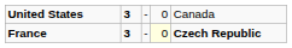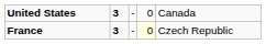 <table class="wikitable">
 <tr>
 <td width=150> <strong>United States</strong></td>
 <td style="width:20px; text-align:left;"><strong>3</strong></td>
 <td>-</td>
 <td style="width:20px; text-align:right;">0</td>
 <td width=150> Canada</td>
 </tr>
 <tr>
 <td> <strong>France</strong></td>
 <td style="text-align:left;"><strong>3</strong></td>
 <td>-</td>
 <td style="background: lightyellow; text-align:right;">0</td>
-<td><strong> Czech Republic</strong></td>
+<td> Czech Republic</td>
 </tr>
 </table>
